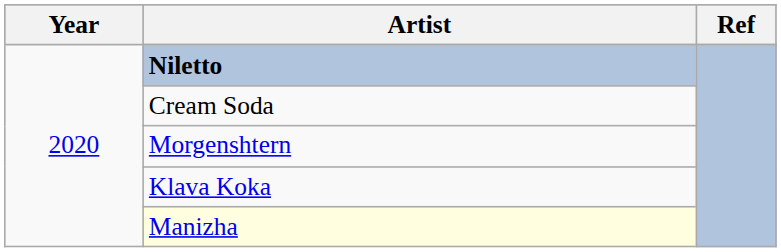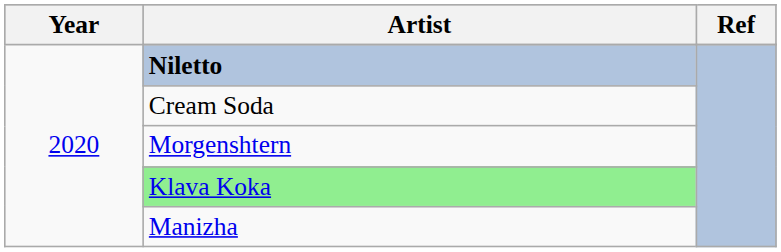 <table class="wikitable" style="width:55%;">
 <tr style="background:#bebebe;">
 <th style="width:10%;">Year</th>
 <th style="width:40%;">Artist</th>
 <th style="width:5%;">Ref</th>
 </tr>
 <tr>
 <td rowspan="6" align="center"><a href='#'>2020</a></td>
 </tr>
 <tr style="background:#B0C4DE">
 <td><strong>Niletto</strong></td>
 <td rowspan="6" align="center"></td>
 </tr>
 <tr>
 <td>Cream Soda</td>
 </tr>
 <tr>
 <td><a href='#'>Morgenshtern</a></td>
 </tr>
 <tr>
-<td><a href='#'>Klava Koka</a></td>
+<td style="background: lightgreen;"><a href='#'>Klava Koka</a></td>
 </tr>
 <tr>
-<td style="background: lightyellow;"><a href='#'>Manizha</a></td>
+<td><a href='#'>Manizha</a></td>
 </tr>
 </table>
